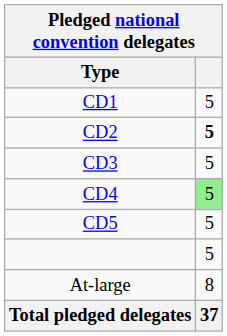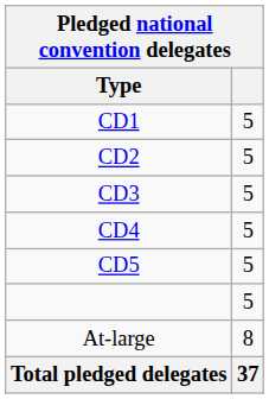 <table class="wikitable sortable" style="font-size:90%;text-align:center;float:none;padding:5px;">
 <tr>
 <th colspan="2">Pledged <a href='#'>national<br>convention</a> delegates</th>
 </tr>
 <tr>
 <th>Type</th>
 <th></th>
 </tr>
 <tr>
 <td><a href='#'>CD1</a></td>
 <td>5</td>
 </tr>
 <tr>
 <td><a href='#'>CD2</a></td>
-<td><strong>5</strong></td>
+<td>5</td>
 </tr>
 <tr>
 <td><a href='#'>CD3</a></td>
 <td>5</td>
 </tr>
 <tr>
 <td><a href='#'>CD4</a></td>
-<td style="background: lightgreen;">5</td>
+<td>5</td>
 </tr>
 <tr>
 <td><a href='#'>CD5</a></td>
 <td>5</td>
 </tr>
 <tr>
 <td></td>
 <td>5</td>
 </tr>
 <tr>
 <td>At-large</td>
 <td>8</td>
 </tr>
 <tr>
 <th>Total pledged delegates</th>
 <th>37</th>
 </tr>
 </table>
